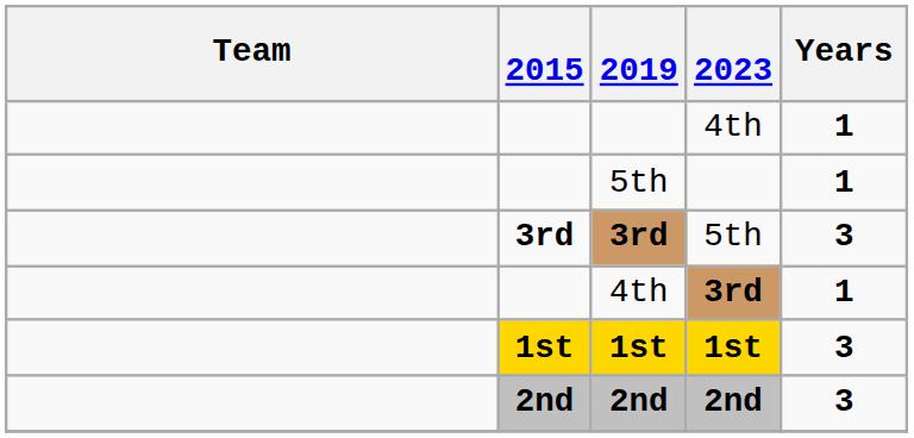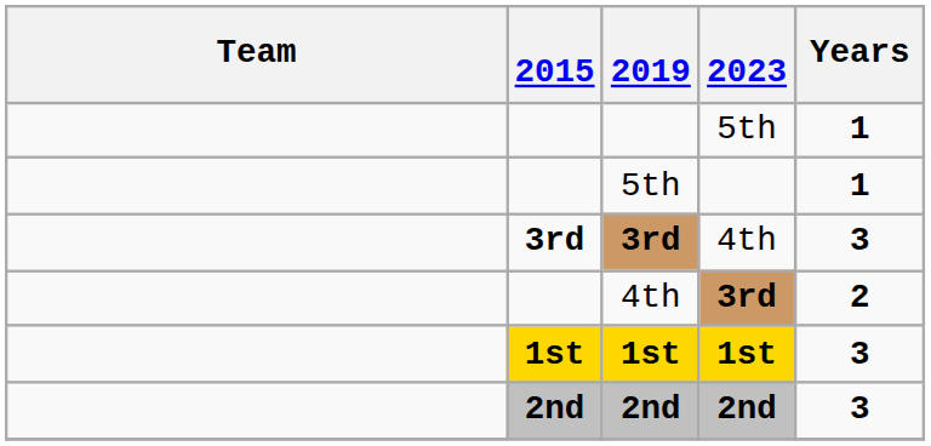 <table class="wikitable" style="text-align:center; font-size:90%">
 <tr>
 <th width=170>Team</th>
 <th width=25><br><a href='#'>2015</a></th>
 <th width=25><br><a href='#'>2019</a></th>
 <th width=25><br><a href='#'>2023</a></th>
 <th width=40>Years</th>
 </tr>
 <tr>
 <td align=left></td>
 <td></td>
 <td></td>
-<td>4th</td>
+<td>5th</td>
 <td><strong>1</strong></td>
 </tr>
 <tr>
 <td align=left></td>
 <td></td>
 <td>5th</td>
 <td></td>
 <td><strong>1</strong></td>
 </tr>
 <tr>
 <td align=left></td>
 <td><strong>3rd</strong></td>
 <td bgcolor=cc9966><strong>3rd</strong></td>
-<td>5th</td>
+<td>4th</td>
 <td><strong>3</strong></td>
 </tr>
 <tr>
 <td align=left></td>
 <td></td>
 <td>4th</td>
 <td bgcolor=cc9966><strong>3rd</strong></td>
-<td><strong>1</strong></td>
+<td><strong>2</strong></td>
 </tr>
 <tr>
 <td align=left></td>
 <td bgcolor=gold><strong>1st</strong></td>
 <td bgcolor=gold><strong>1st</strong></td>
 <td bgcolor=gold><strong>1st</strong></td>
 <td><strong>3</strong></td>
 </tr>
 <tr>
 <td align=left></td>
 <td bgcolor=silver><strong>2nd</strong></td>
 <td bgcolor=silver><strong>2nd</strong></td>
 <td bgcolor=silver><strong>2nd</strong></td>
 <td><strong>3</strong></td>
 </tr>
 <tr>
 </tr>
 </table>
